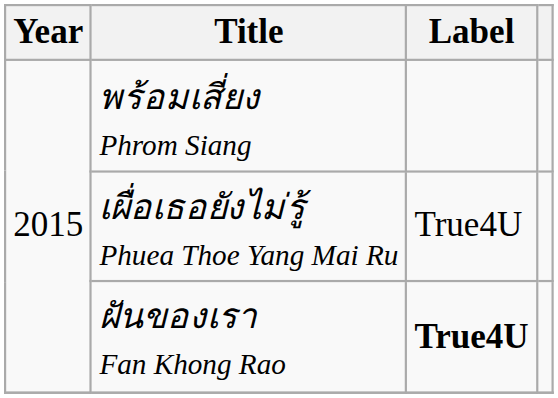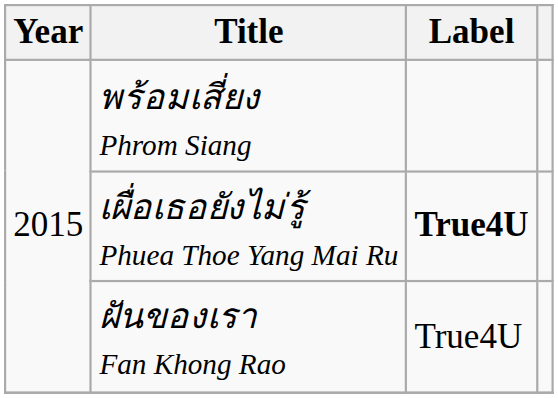 <table class="wikitable">
 <tr>
 <th>Year</th>
 <th>Title</th>
 <th>Label</th>
 <th></th>
 </tr>
 <tr>
 <td rowspan=3>2015</td>
 <td><em>พร้อมเสี่ยง<br><small>Phrom Siang</small></em></td>
 <td></td>
 <td></td>
 </tr>
 <tr>
 <td><em>เผื่อเธอยังไม่รู้<br><small>Phuea Thoe Yang Mai Ru</small></em></td>
-<td>True4U</td>
+<td><strong>True4U</strong></td>
 <td></td>
 </tr>
 <tr>
 <td><em>ฝันของเรา<br><small>Fan Khong Rao</small></em></td>
-<td><strong>True4U</strong></td>
+<td>True4U</td>
 <td></td>
 </tr>
 <tr>
 </tr>
 </table>
